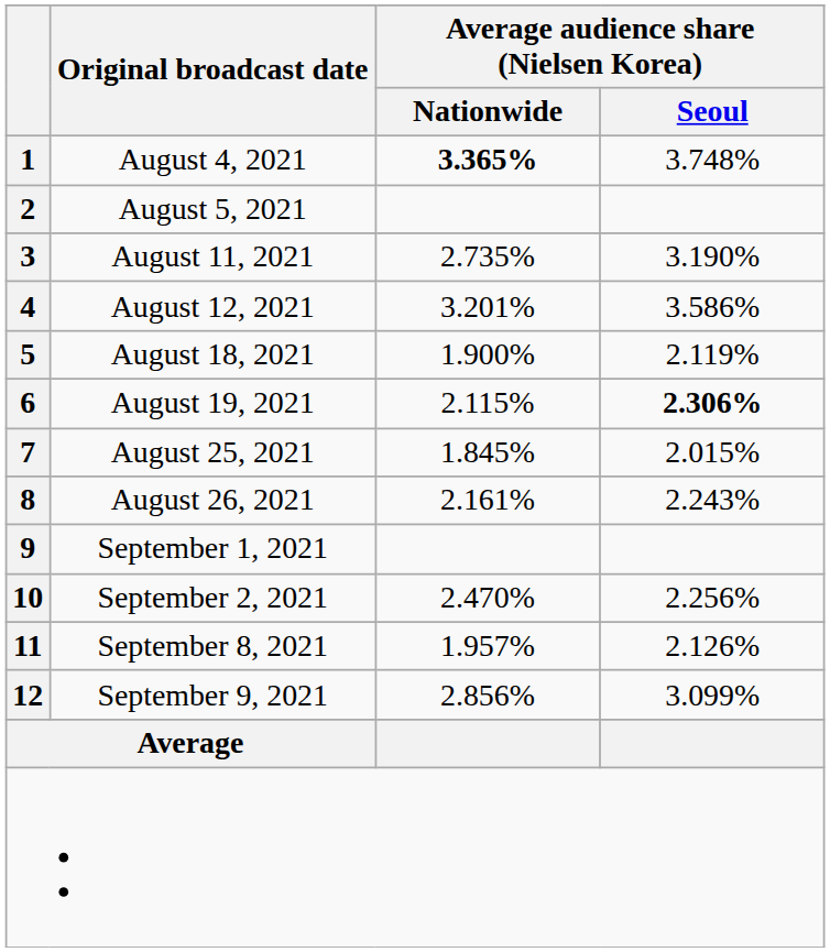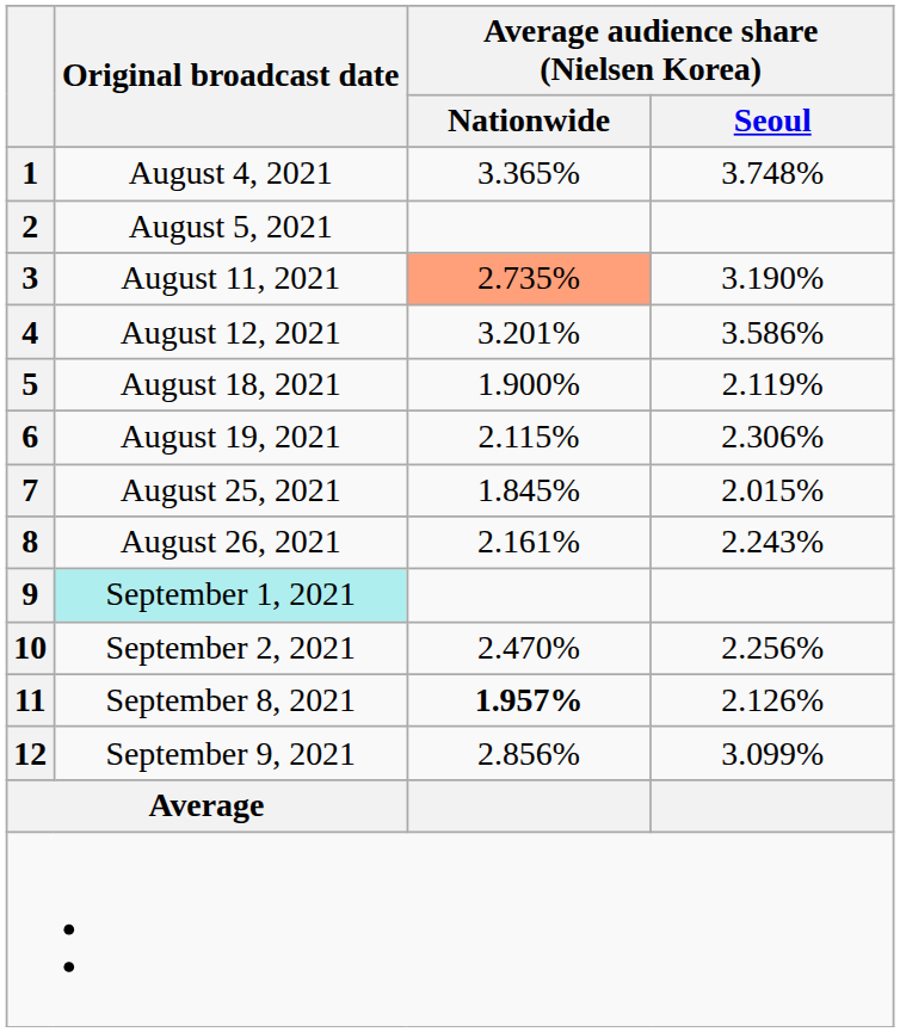 <table class="wikitable" style="text-align:center;max-width:500px; margin-left: auto; margin-right: auto; border: none;">
 <tr>
 </tr>
 <tr>
 <th rowspan="2"></th>
 <th rowspan="2">Original broadcast date</th>
 <th colspan="2">Average audience share<br>(Nielsen Korea)</th>
 </tr>
 <tr>
 <th width="110">Nationwide</th>
 <th width="110"><a href='#'>Seoul</a></th>
 </tr>
 <tr>
 <th>1</th>
 <td>August 4, 2021</td>
-<td><strong>3.365% </strong></td>
+<td>3.365% </td>
 <td>3.748% </td>
 </tr>
 <tr>
 <th>2</th>
 <td>August 5, 2021</td>
 <td><strong></strong> </td>
 <td><strong></strong> </td>
 </tr>
 <tr>
 <th>3</th>
 <td>August 11, 2021</td>
-<td>2.735% </td>
+<td style="background: lightsalmon;">2.735% </td>
 <td>3.190% </td>
 </tr>
 <tr>
 <th>4</th>
 <td>August 12, 2021</td>
 <td>3.201% </td>
 <td>3.586% </td>
 </tr>
 <tr>
 <th>5</th>
 <td>August 18, 2021</td>
 <td>1.900% </td>
 <td>2.119% </td>
 </tr>
 <tr>
 <th>6</th>
 <td>August 19, 2021</td>
 <td>2.115% </td>
-<td><strong>2.306% </strong></td>
+<td>2.306% </td>
 </tr>
 <tr>
 <th>7</th>
 <td>August 25, 2021</td>
 <td>1.845% </td>
 <td>2.015% </td>
 </tr>
 <tr>
 <th>8</th>
 <td>August 26, 2021</td>
 <td>2.161% </td>
 <td>2.243% </td>
 </tr>
 <tr>
 <th>9</th>
-<td>September 1, 2021</td>
+<td style="background: paleturquoise;">September 1, 2021</td>
 <td><strong></strong> </td>
 <td><strong></strong> </td>
 </tr>
 <tr>
 <th>10</th>
 <td>September 2, 2021</td>
 <td>2.470% </td>
 <td>2.256% </td>
 </tr>
 <tr>
 <th>11</th>
 <td>September 8, 2021</td>
-<td>1.957% </td>
+<td><strong>1.957% </strong></td>
 <td>2.126% </td>
 </tr>
 <tr>
 <th>12</th>
 <td>September 9, 2021</td>
 <td>2.856% </td>
 <td>3.099% </td>
 </tr>
 <tr>
 <th colspan="2">Average</th>
 <th></th>
 <th></th>
 </tr>
 <tr>
 <td colspan="6"><br><ul><li></li><li></li></ul></td>
 </tr>
 </table>
